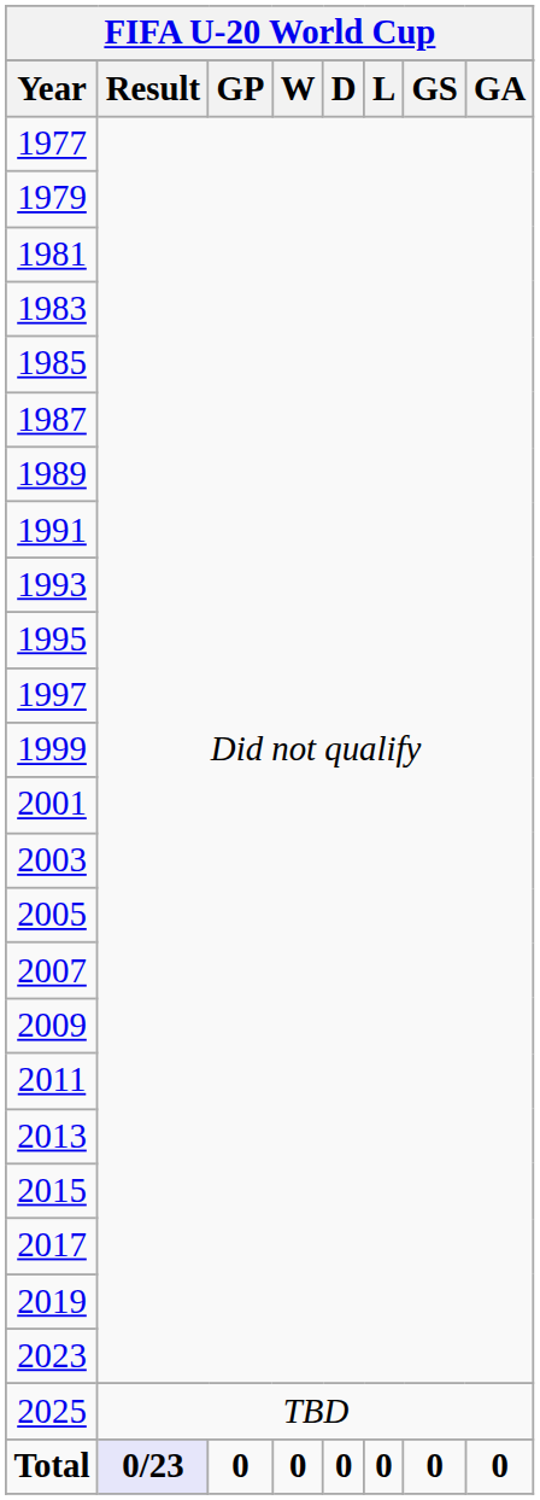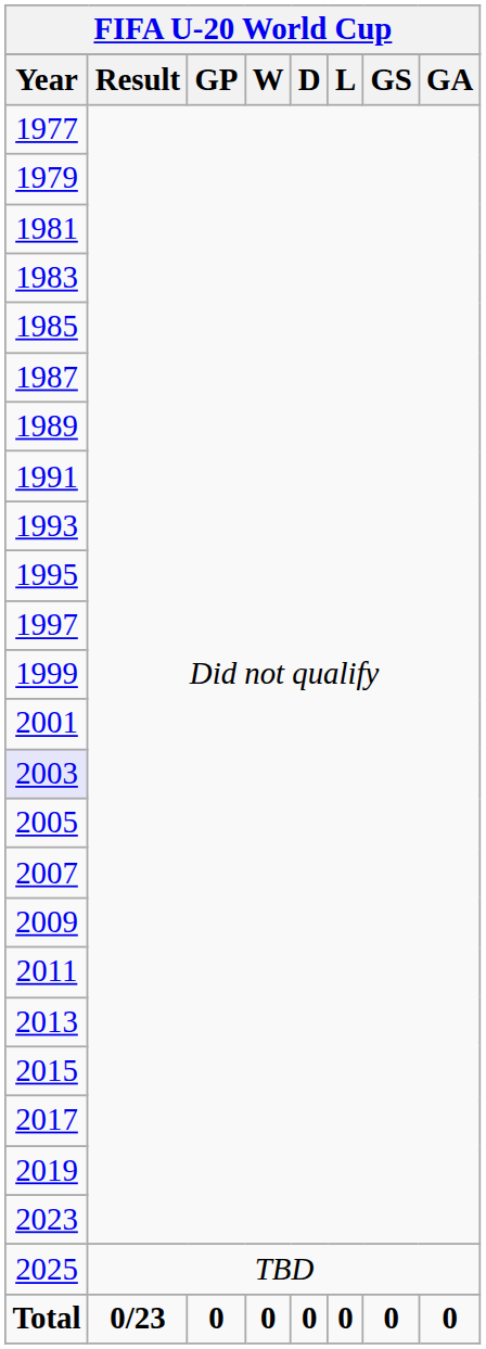 <table class="wikitable" style="text-align: center;">
 <tr>
 <th colspan="8"><a href='#'>FIFA U-20 World Cup</a></th>
 </tr>
 <tr>
 </tr>
 <tr>
 <th>Year</th>
 <th>Result</th>
 <th>GP</th>
 <th>W</th>
 <th>D</th>
 <th>L</th>
 <th>GS</th>
 <th>GA</th>
 </tr>
 <tr>
 <td> <a href='#'>1977</a></td>
 <td colspan=8 rowspan=23><em>Did not qualify</em></td>
 </tr>
 <tr>
 <td> <a href='#'>1979</a></td>
 </tr>
 <tr>
 <td> <a href='#'>1981</a></td>
 </tr>
 <tr>
 <td> <a href='#'>1983</a></td>
 </tr>
 <tr>
 <td> <a href='#'>1985</a></td>
 </tr>
 <tr>
 <td> <a href='#'>1987</a></td>
 </tr>
 <tr>
 <td> <a href='#'>1989</a></td>
 </tr>
 <tr>
 <td> <a href='#'>1991</a></td>
 </tr>
 <tr>
 <td> <a href='#'>1993</a></td>
 </tr>
 <tr>
 <td> <a href='#'>1995</a></td>
 </tr>
 <tr>
 <td> <a href='#'>1997</a></td>
 </tr>
 <tr>
 <td> <a href='#'>1999</a></td>
 </tr>
 <tr>
 <td> <a href='#'>2001</a></td>
 </tr>
 <tr>
-<td> <a href='#'>2003</a></td>
+<td style="background: lavender;"> <a href='#'>2003</a></td>
 </tr>
 <tr>
 <td> <a href='#'>2005</a></td>
 </tr>
 <tr>
 <td> <a href='#'>2007</a></td>
 </tr>
 <tr>
 <td> <a href='#'>2009</a></td>
 </tr>
 <tr>
 <td> <a href='#'>2011</a></td>
 </tr>
 <tr>
 <td> <a href='#'>2013</a></td>
 </tr>
 <tr>
 <td> <a href='#'>2015</a></td>
 </tr>
 <tr>
 <td> <a href='#'>2017</a></td>
 </tr>
 <tr>
 <td> <a href='#'>2019</a></td>
 </tr>
 <tr>
 <td> <a href='#'>2023</a></td>
 </tr>
 <tr>
 <td> <a href='#'>2025</a></td>
 <td colspan="8"><em>TBD</em></td>
 </tr>
 <tr>
 <td><strong>Total</strong></td>
-<td style="background: lavender;"><strong>0/23</strong></td>
+<td><strong>0/23</strong></td>
 <td><strong>0</strong></td>
 <td><strong>0</strong></td>
 <td><strong>0</strong></td>
 <td><strong>0</strong></td>
 <td><strong>0</strong></td>
 <td><strong>0</strong></td>
 </tr>
 </table>
